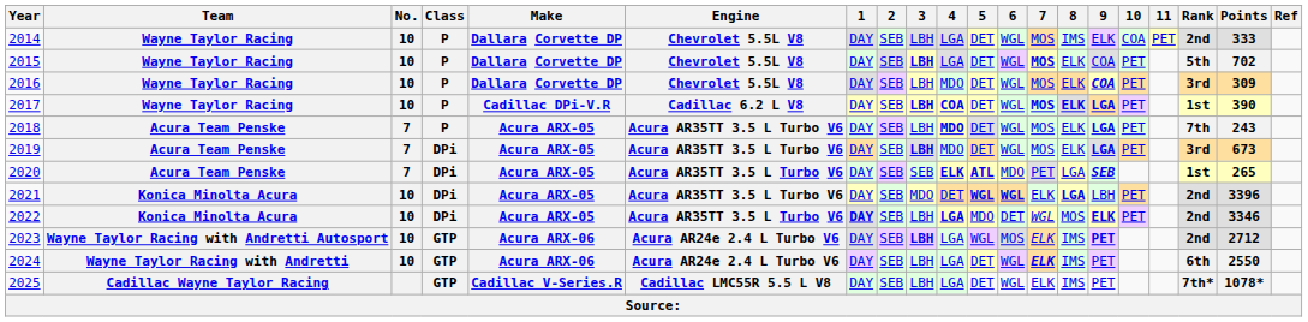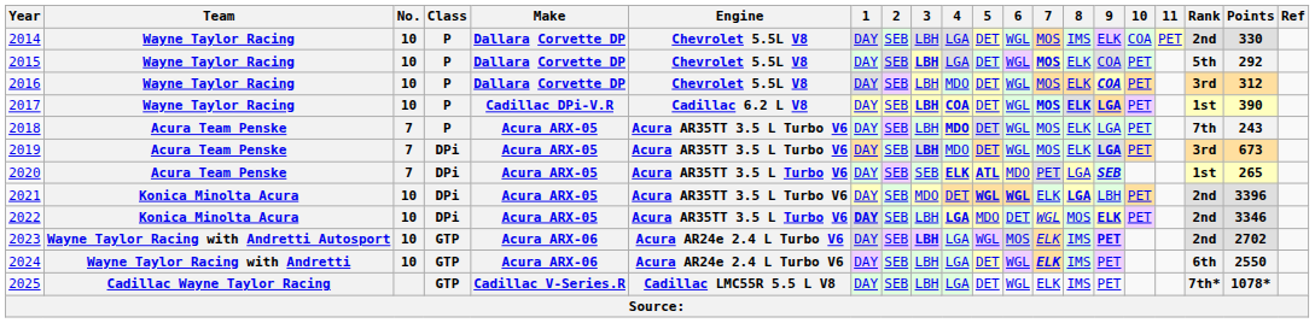 <table class="wikitable" style="text-align:center; font-size:90%">
 <tr>
 <th>Year</th>
 <th>Team</th>
 <th>No.</th>
 <th>Class</th>
 <th>Make</th>
 <th>Engine</th>
 <th>1</th>
 <th>2</th>
 <th>3</th>
 <th>4</th>
 <th>5</th>
 <th>6</th>
 <th>7</th>
 <th>8</th>
 <th>9</th>
 <th>10</th>
 <th>11</th>
 <th>Rank</th>
 <th>Points</th>
 <th>Ref</th>
 </tr>
 <tr>
 <td><a href='#'>2014</a></td>
 <th><a href='#'>Wayne Taylor Racing</a></th>
 <th>10</th>
 <th>P</th>
 <th><a href='#'>Dallara</a> <a href='#'>Corvette DP</a></th>
 <th><a href='#'>Chevrolet</a> 5.5L <a href='#'>V8</a></th>
 <td style="background:#dfdfdf;"><a href='#'>DAY</a><br></td>
 <td style="background:#dfffdf;"><a href='#'>SEB</a><br></td>
 <td style="background:#dfdfdf;"><a href='#'>LBH</a><br></td>
 <td style="background:#dfdfdf;"><a href='#'>LGA</a><br></td>
 <td style="background:#ffffbf;"><a href='#'>DET</a><br></td>
 <td style="background:#dfffdf;"><a href='#'>WGL</a><br></td>
 <td style="background:#ffdf9f;"><a href='#'>MOS</a><br></td>
 <td style="background:#dfffdf;"><a href='#'>IMS</a><br></td>
 <td style="background:#efcfff;"><a href='#'>ELK</a><br></td>
 <td style="background:#dfffdf;"><a href='#'>COA</a><br></td>
 <td style="background:#ffffbf;"><a href='#'>PET</a><br></td>
 <th style="background:#dfdfdf;">2nd</th>
-<th style="background:#dfdfdf;">333</th>
+<th style="background:#dfdfdf;">330</th>
 <td></td>
 </tr>
 <tr>
 <td><a href='#'>2015</a></td>
 <th><a href='#'>Wayne Taylor Racing</a></th>
 <th>10</th>
 <th>P</th>
 <th><a href='#'>Dallara</a> <a href='#'>Corvette DP</a></th>
 <th><a href='#'>Chevrolet</a> 5.5L <a href='#'>V8</a></th>
 <td style="background:#dfffdf;"><a href='#'>DAY</a><br></td>
 <td style="background:#dfdfdf;"><a href='#'>SEB</a><br></td>
 <td style="background:#ffffbf;"><strong><a href='#'>LBH</a></strong><br></td>
 <td style="background:#dfdfdf;"><a href='#'>LGA</a><br></td>
 <td style="background:#dfffdf;"><a href='#'>DET</a><br></td>
 <td style="background:#efcfff;"><a href='#'>WGL</a><br></td>
 <td style="background:#ffffbf;"><strong><a href='#'>MOS</a></strong><br></td>
 <td style="background:#dfffdf;"><a href='#'>ELK</a><br></td>
 <td style="background:#dfdfdf;"><a href='#'>COA</a><br></td>
 <td style="background:#dfffdf;"><a href='#'>PET</a><br></td>
 <td></td>
 <th>5th</th>
-<th>702</th>
+<th>292</th>
 <td></td>
 </tr>
 <tr>
 <td><a href='#'>2016</a></td>
 <th><a href='#'>Wayne Taylor Racing</a></th>
 <th>10</th>
 <th>P</th>
 <th><a href='#'>Dallara</a> <a href='#'>Corvette DP</a></th>
 <th><a href='#'>Chevrolet</a> 5.5L <a href='#'>V8</a></th>
 <td style="background:#dfdfdf;"><a href='#'>DAY</a><br></td>
 <td style="background:#efcfff;"><a href='#'>SEB</a><br></td>
 <td style="background:#ffffbf;"><a href='#'>LBH</a><br></td>
 <td style="background:#DFFFDF;"><a href='#'>MDO</a><br></td>
 <td style="background:#ffffbf;"><a href='#'>DET</a><br></td>
 <td style="background:#dfffdf;"><a href='#'>WGL</a><br></td>
 <td style="background:#ffdf9f;"><a href='#'>MOS</a><br></td>
 <td style="background:#ffdf9f;"><a href='#'>ELK</a><br></td>
 <td style="background:#ffffbf;"><strong><em><a href='#'>COA</a></em></strong><br></td>
 <td style="background:#ffdf9f;"><a href='#'>PET</a><br></td>
 <td></td>
 <th style="background:#ffdf9f;">3rd</th>
-<th style="background:#ffdf9f;">309</th>
+<th style="background:#ffdf9f;">312</th>
 <td></td>
 </tr>
 <tr>
 <td><a href='#'>2017</a></td>
 <th><a href='#'>Wayne Taylor Racing</a></th>
 <th>10</th>
 <th>P</th>
 <th><a href='#'>Cadillac DPi-V.R</a></th>
 <th><a href='#'>Cadillac</a> 6.2 L <a href='#'>V8</a></th>
 <td style="background:#ffffbf;"><a href='#'>DAY</a><br></td>
 <td style="background:#ffffbf;"><a href='#'>SEB</a><br></td>
 <td style="background:#ffffbf;"><strong><a href='#'>LBH</a></strong><br></td>
 <td style="background:#ffffbf;"><strong><a href='#'>COA</a></strong><br></td>
 <td style="background:#ffffbf;"><a href='#'>DET</a><br></td>
 <td style="background:#dfffdf;"><a href='#'>WGL</a><br></td>
 <td style="background:#dfffdf;"><strong><a href='#'>MOS</a></strong><br></td>
 <td style="background:#dfdfdf;"><strong><a href='#'>ELK</a></strong><br></td>
 <td style="background:#ffdf9f;"><strong><a href='#'>LGA</a></strong><br></td>
 <td style="background:#efcfff;"><a href='#'>PET</a><br></td>
 <td></td>
 <th style="background:#ffffbf;">1st</th>
 <th style="background:#ffffbf;">390</th>
 <td></td>
 </tr>
 <tr>
 <td><a href='#'>2018</a></td>
 <th><a href='#'>Acura Team Penske</a></th>
 <th>7</th>
 <th>P</th>
 <th><a href='#'>Acura ARX-05</a></th>
 <th><a href='#'>Acura</a> AR35TT 3.5 L Turbo <a href='#'>V6</a></th>
 <td style="background:#dfffdf;"><a href='#'>DAY</a><br></td>
 <td style="background:#efcfff;"><a href='#'>SEB</a><br></td>
 <td style="background:#dfffdf;"><a href='#'>LBH</a><br></td>
 <td style="background:#ffffbf;"><strong><a href='#'>MDO</a></strong><br></td>
 <td style="background:#dfdfdf;"><a href='#'>DET</a><br></td>
 <td style="background:#dfffdf;"><a href='#'>WGL</a><br></td>
 <td style="background:#dfffdf;"><a href='#'>MOS</a><br></td>
 <td style="background:#dfffdf;"><a href='#'>ELK</a><br></td>
-<td style="background:#dfffdf;"><strong><a href='#'>LGA</a><br></strong></td>
+<td style="background:#dfffdf;"><a href='#'>LGA</a><br></td>
 <td style="background:#dfffdf;"><a href='#'>PET</a><br></td>
 <td></td>
 <th>7th</th>
 <th>243</th>
 <td></td>
 </tr>
 <tr>
 <td><a href='#'>2019</a></td>
 <th><a href='#'>Acura Team Penske</a></th>
 <th>7</th>
 <th>DPi</th>
 <th><a href='#'>Acura ARX-05</a></th>
 <th><a href='#'>Acura</a> AR35TT 3.5 L Turbo <a href='#'>V6</a></th>
 <td style="background:#FFDF9F;"><a href='#'>DAY</a><br></td>
 <td style="background:#DFFFDF;"><a href='#'>SEB</a><br></td>
 <td style="background:#DFDFDF;"><strong><a href='#'>LBH</a></strong><br></td>
 <td style="background:#DFFFDF;"><a href='#'>MDO</a><br></td>
 <td style="background:#FFDF9F;"><a href='#'>DET</a><br></td>
 <td style="background:#DFFFDF;"><a href='#'>WGL</a><br></td>
 <td style="background:#DFFFDF;"><a href='#'>MOS</a><br></td>
 <td style="background:#DFFFDF;"><a href='#'>ELK</a><br></td>
 <td style="background:#DFDFDF;"><strong><a href='#'>LGA</a></strong><br></td>
 <td style="background:#FFDF9F;"><a href='#'>PET</a><br></td>
 <td></td>
 <th style="background:#FFDF9F;">3rd</th>
 <th style="background:#FFDF9F;">673</th>
 <td></td>
 </tr>
 <tr>
 <td><a href='#'>2020</a></td>
 <th><a href='#'>Acura Team Penske</a></th>
 <th>7</th>
 <th>DPi</th>
 <th><a href='#'>Acura ARX-05</a></th>
 <th><a href='#'>Acura</a> AR35TT 3.5 L <a href='#'>Turbo</a> <a href='#'>V6</a></th>
 <td style="background:#DFFFDF;"><a href='#'>DAY</a><br></td>
 <td style="background:#EFCFFF;"><a href='#'>SEB</a><br></td>
 <td style="background:#DFFFDF;"><a href='#'>SEB</a><br></td>
 <td style="background:#FFFFBF;"><strong><a href='#'>ELK</a></strong><br></td>
 <td style="background:#FFFFBF;"><strong><a href='#'>ATL</a></strong><br></td>
 <td style="background:#FFFFBF;"><a href='#'>MDO</a><br></td>
 <td style="background:#DFDFDF;"><a href='#'>PET</a><br></td>
 <td style="background:#FFFFBF;"><a href='#'>LGA</a><br></td>
 <td style="background:#DFFFDF;"><strong><em><a href='#'>SEB</a></em></strong><br></td>
 <td></td>
 <td></td>
 <th style="background:#FFFFBF;">1st</th>
 <th style="background:#FFFFBF;">265</th>
 <td></td>
 </tr>
 <tr>
 <td><a href='#'>2021</a></td>
 <th><a href='#'>Konica Minolta Acura</a></th>
 <th>10</th>
 <th>DPi</th>
 <th><a href='#'>Acura ARX-05</a></th>
 <th><a href='#'>Acura</a> AR35TT 3.5 L Turbo V6</th>
 <td style="background:#FFFFBF;"><a href='#'>DAY</a><br></td>
 <td style="background:#DFFFDF;"><a href='#'>SEB</a><br></td>
 <td style="background:#FFFFBF;"><a href='#'>MDO</a><br></td>
 <td style="background:#FFDF9F;"><a href='#'>DET</a><br></td>
 <td style="background:#FFDF9F;"><strong><a href='#'>WGL</a></strong><br></td>
 <td style="background:#FFDF9F;"><strong><a href='#'>WGL</a></strong><br></td>
 <td style="background:#DFFFDF;"><a href='#'>ELK</a><br></td>
 <td style="background:#FFFFBF;"><strong><a href='#'>LGA</a></strong><br></td>
 <td style="background:#DFFFDF;"><a href='#'>LBH</a><br></td>
 <td style="background:#FFDF9F;"><a href='#'>PET</a><br></td>
 <td></td>
 <th style="background:#DFDFDF;">2nd</th>
 <th style="background:#DFDFDF;">3396</th>
 <td></td>
 </tr>
 <tr>
 <td><a href='#'>2022</a></td>
 <th><a href='#'>Konica Minolta Acura</a></th>
 <th>10</th>
 <th>DPi</th>
 <th><a href='#'>Acura ARX-05</a></th>
 <th><a href='#'>Acura</a> AR35TT 3.5 L <a href='#'>Turbo</a> <a href='#'>V6</a></th>
 <td style="background:#DFDFDF;"><strong><a href='#'>DAY</a></strong><br></td>
 <td style="background:#DFFFDF;"><a href='#'>SEB</a><br></td>
 <td style="background:#DFFFDF;"><a href='#'>LBH</a><br></td>
 <td style="background:#FFFFBF;"><strong><a href='#'>LGA</a></strong><br></td>
 <td style="background:#FFFFBF;"><a href='#'>MDO</a><br></td>
 <td style="background:#DFFFDF;"><a href='#'>DET</a><br></td>
 <td style="background:#FFFFBF;"><em><a href='#'>WGL</a></em><br></td>
 <td style="background:#DFFFDF;"><a href='#'>MOS</a><br></td>
 <td style="background:#FFFFBF;"><strong><a href='#'>ELK</a></strong><br></td>
 <td style="background:#EFCFFF;"><a href='#'>PET</a><br></td>
 <td></td>
 <th style="background:#DFDFDF;">2nd</th>
 <th style="background:#DFDFDF;">3346</th>
 <td></td>
 </tr>
 <tr>
 <td><a href='#'>2023</a></td>
 <th><a href='#'>Wayne Taylor Racing</a> with <a href='#'>Andretti Autosport</a></th>
 <th>10</th>
 <th>GTP</th>
 <th><a href='#'>Acura ARX-06</a></th>
 <th><a href='#'>Acura</a> AR24e 2.4 L Turbo <a href='#'>V6</a></th>
 <td style="background:#DFDFDF;"><a href='#'>DAY</a><br></td>
 <td style="background:#EFCFFF;"><a href='#'>SEB</a><br></td>
 <td style="background:#EFCFFF;"><strong><a href='#'>LBH</a></strong><br></td>
 <td style="background:#DFFFDF;"><a href='#'>LGA</a><br></td>
 <td style="background:#EFCFFF;"><a href='#'>WGL</a><br></td>
 <td style="background:#DFDFDF;"><a href='#'>MOS</a><br></td>
 <td style="background:#FFDF9F;"><em><a href='#'>ELK</a></em><br></td>
 <td style="background:#DFFFDF;"><a href='#'>IMS</a><br></td>
 <td style="background:#EFCFFF;"><strong><a href='#'>PET</a><br></strong></td>
 <td></td>
 <td></td>
 <th style="background:#DFDFDF;">2nd</th>
-<th style="background:#DFDFDF;">2712</th>
+<th style="background:#DFDFDF;">2702</th>
 <td></td>
 </tr>
 <tr>
 <td><a href='#'>2024</a></td>
 <th><a href='#'>Wayne Taylor Racing</a> with <a href='#'>Andretti</a></th>
 <th>10</th>
 <th>GTP</th>
 <th><a href='#'>Acura ARX-06</a></th>
 <th><a href='#'>Acura</a> AR24e 2.4 L Turbo V6</th>
 <td style="background:#EFCFFF;"><a href='#'>DAY</a><br></td>
 <td style="background:#DFFFDF;"><a href='#'>SEB</a><br></td>
 <td style="background:#DFFFDF;"><a href='#'>LBH</a><br></td>
 <td style="background:#DFFFDF;"><a href='#'>LGA</a><br></td>
 <td style="background:#FFFFBF;"><a href='#'>DET</a><br></td>
 <td style="background:#EFCFFF;"><a href='#'>WGL</a><br></td>
 <td style="background:#FFDF9F;"><strong><em><a href='#'>ELK</a></em></strong><br></td>
 <td style="background:#DFFFDF;"><a href='#'>IMS</a><br></td>
 <td style="background:#EFCFFF;"><a href='#'>PET</a><br></td>
 <td></td>
 <td></td>
 <th>6th</th>
 <th>2550</th>
 <td></td>
 </tr>
 <tr>
 <td><a href='#'>2025</a></td>
 <th><a href='#'>Cadillac Wayne Taylor Racing</a></th>
 <th></th>
 <th>GTP</th>
 <th><a href='#'>Cadillac V-Series.R</a></th>
 <th><a href='#'>Cadillac</a> LMC55R 5.5 L V8</th>
 <td style="background:#DFFFDF;"><a href='#'>DAY</a><br></td>
 <td style="background:#DFFFDF;"><a href='#'>SEB</a><br></td>
 <td style="background:#DFFFDF;"><a href='#'>LBH</a><br></td>
 <td style="background:#DFFFDF;"><a href='#'>LGA</a><br></td>
 <td style="background:#;"><a href='#'>DET</a><br></td>
 <td style="background:#;"><a href='#'>WGL</a><br></td>
 <td style="background:#;"><a href='#'>ELK</a><br></td>
 <td style="background:#;"><a href='#'>IMS</a><br></td>
 <td style="background:#;"><a href='#'>PET</a><br></td>
 <td></td>
 <td></td>
 <th>7th*</th>
 <th>1078*</th>
 </tr>
 <tr>
 <th colspan="20">Source:</th>
 </tr>
 </table>
